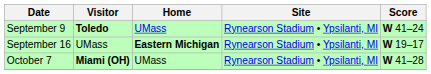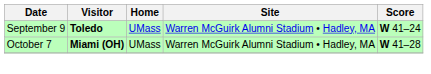 <table class="wikitable">
 <tr>
 <th>Date</th>
 <th>Visitor</th>
 <th>Home</th>
 <th>Site</th>
 <th>Score</th>
 </tr>
 <tr style="background:#bfb;">
 <td>September 9</td>
 <td><strong>Toledo</strong></td>
 <td><a href='#'>UMass</a></td>
-<td><a href='#'>Rynearson Stadium</a> • <a href='#'>Ypsilanti, MI</a></td>
+<td><a href='#'>Warren McGuirk Alumni Stadium</a> • <a href='#'>Hadley, MA</a></td>
 <td><strong>W</strong> 41–24</td>
-</tr>
-<tr style="background:#bfb;">
-<td>September 16</td>
-<td>UMass</td>
-<td><strong>Eastern Michigan</strong></td>
-<td><a href='#'>Rynearson Stadium</a> • <a href='#'>Ypsilanti, MI</a></td>
-<td><strong>W</strong> 19–17</td>
 </tr>
 <tr style="background:#bfb;">
 <td>October 7</td>
 <td><strong>Miami (OH)</strong></td>
 <td>UMass</td>
-<td><a href='#'>Rynearson Stadium</a> • <a href='#'>Ypsilanti, MI</a></td>
+<td>Warren McGuirk Alumni Stadium • Hadley, MA</td>
 <td><strong>W</strong> 41–28</td>
 </tr>
 <tr>
 </tr>
 </table>
